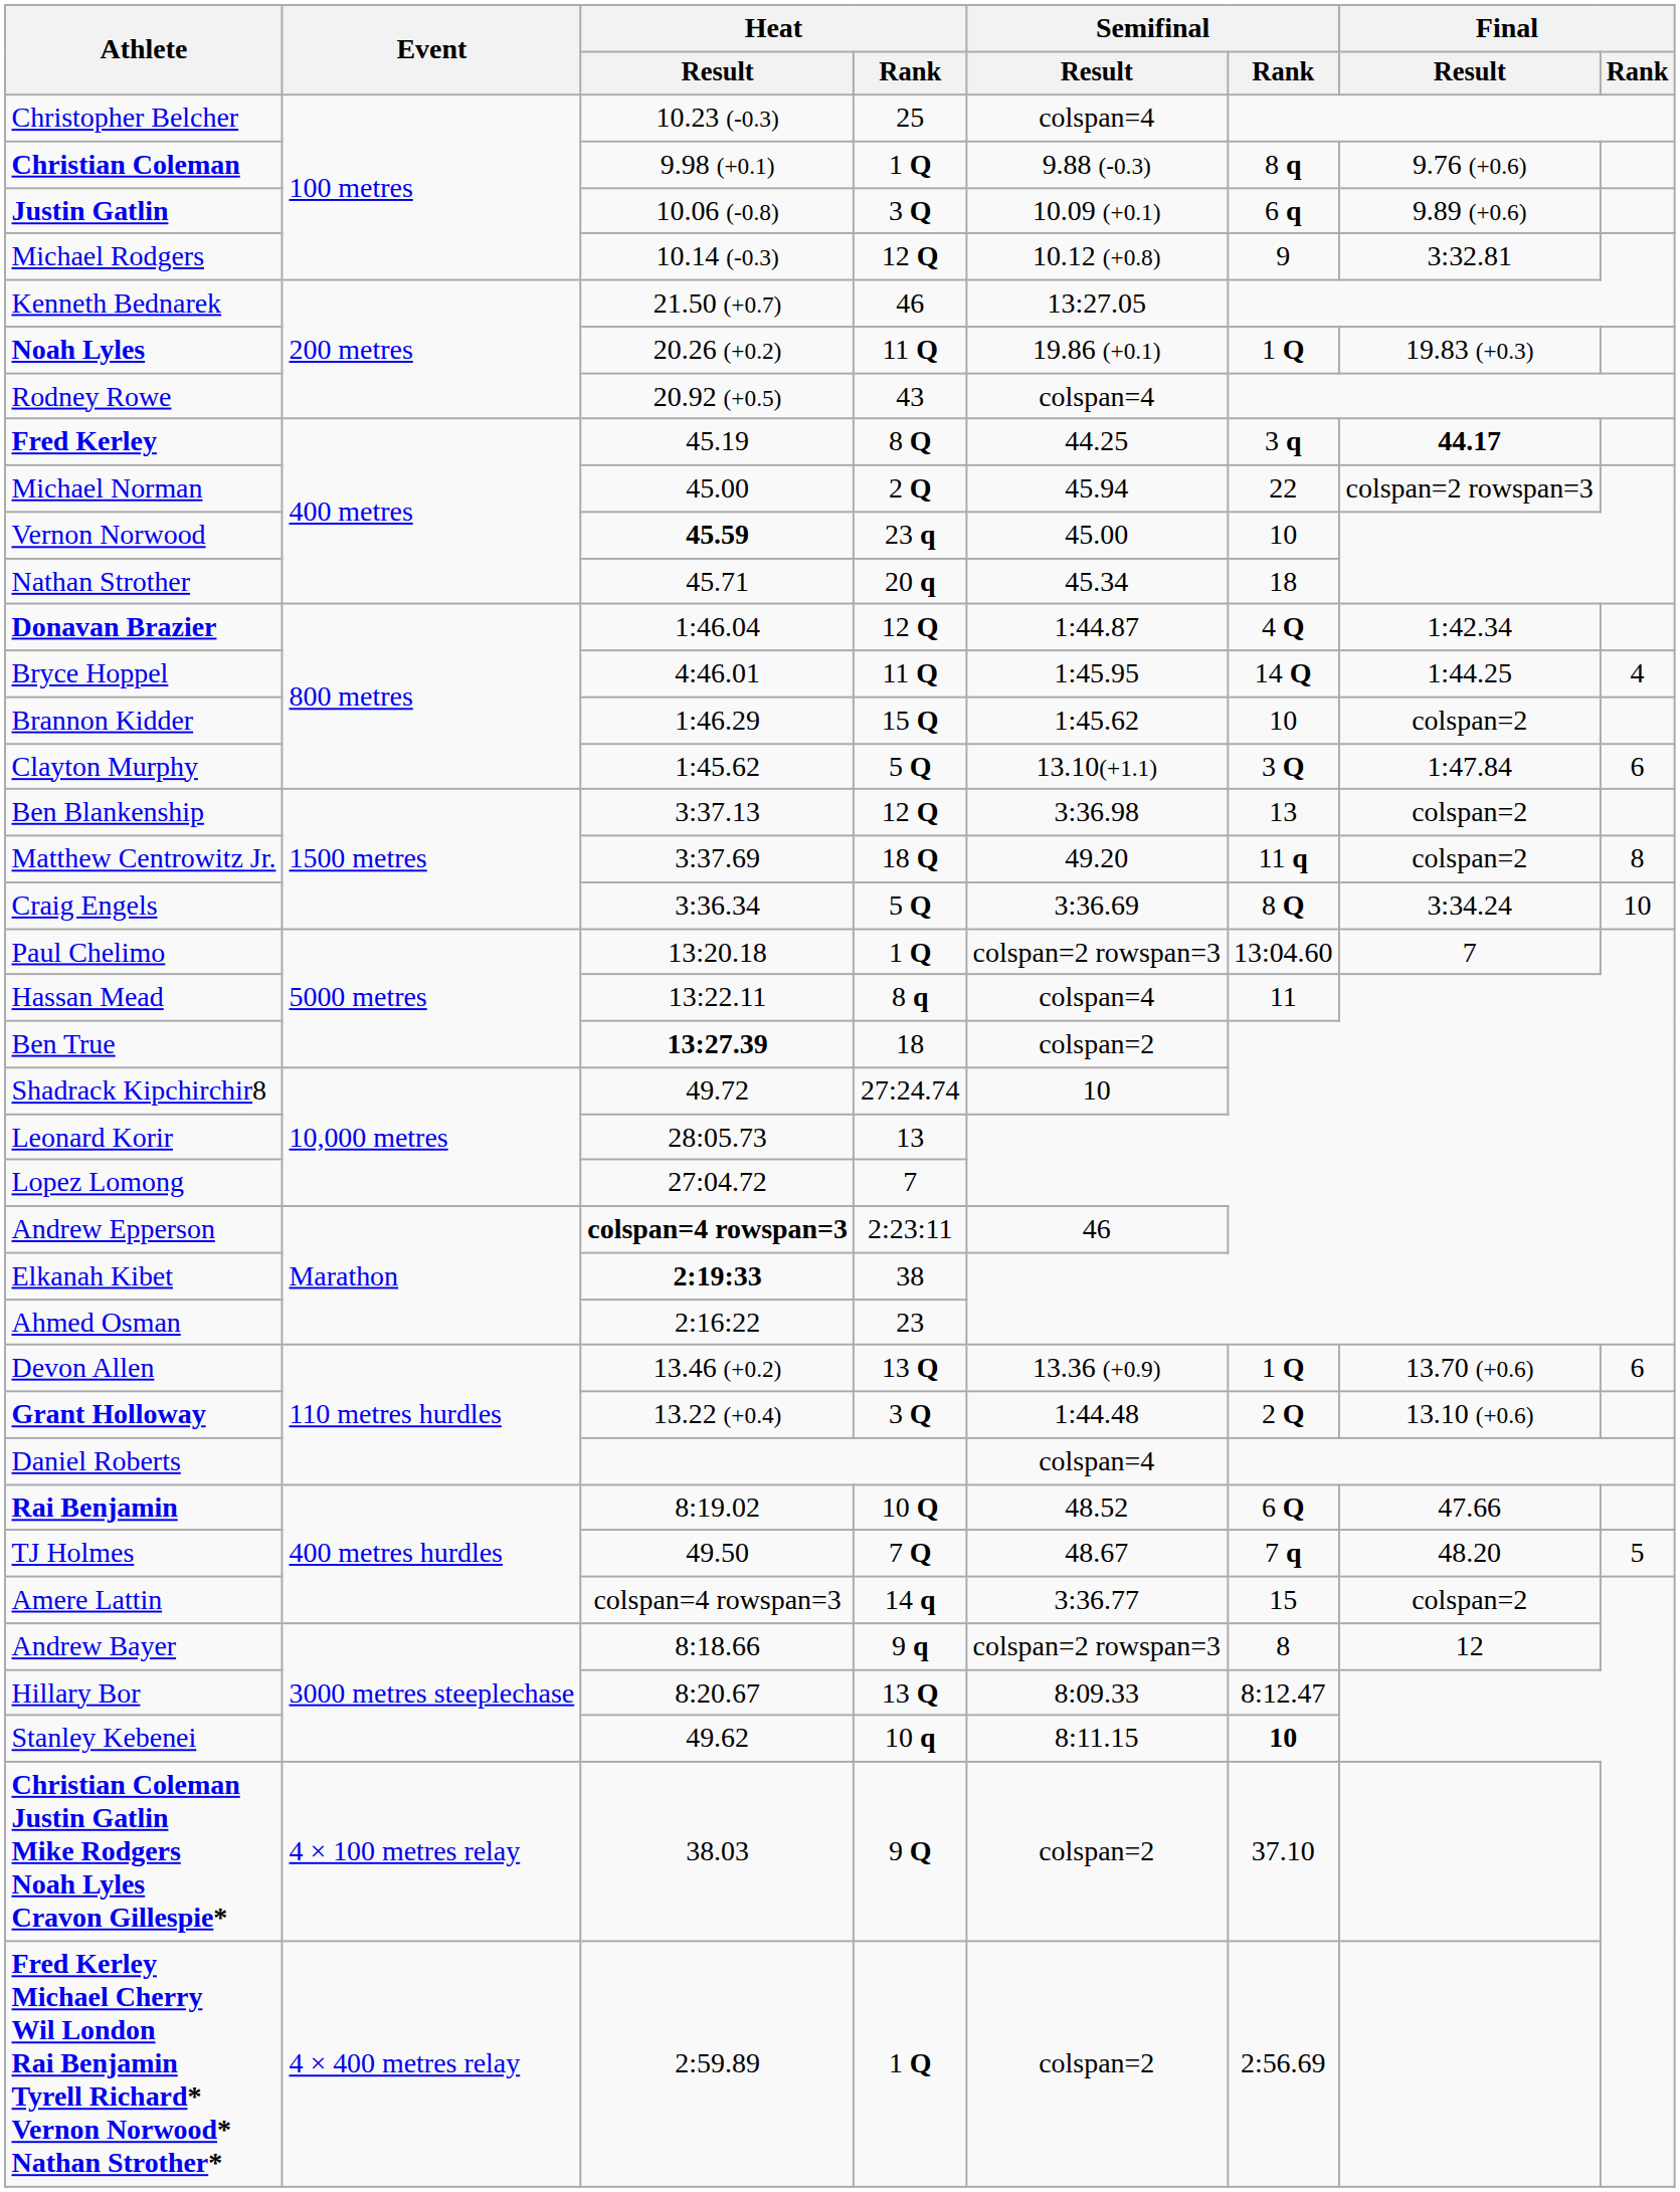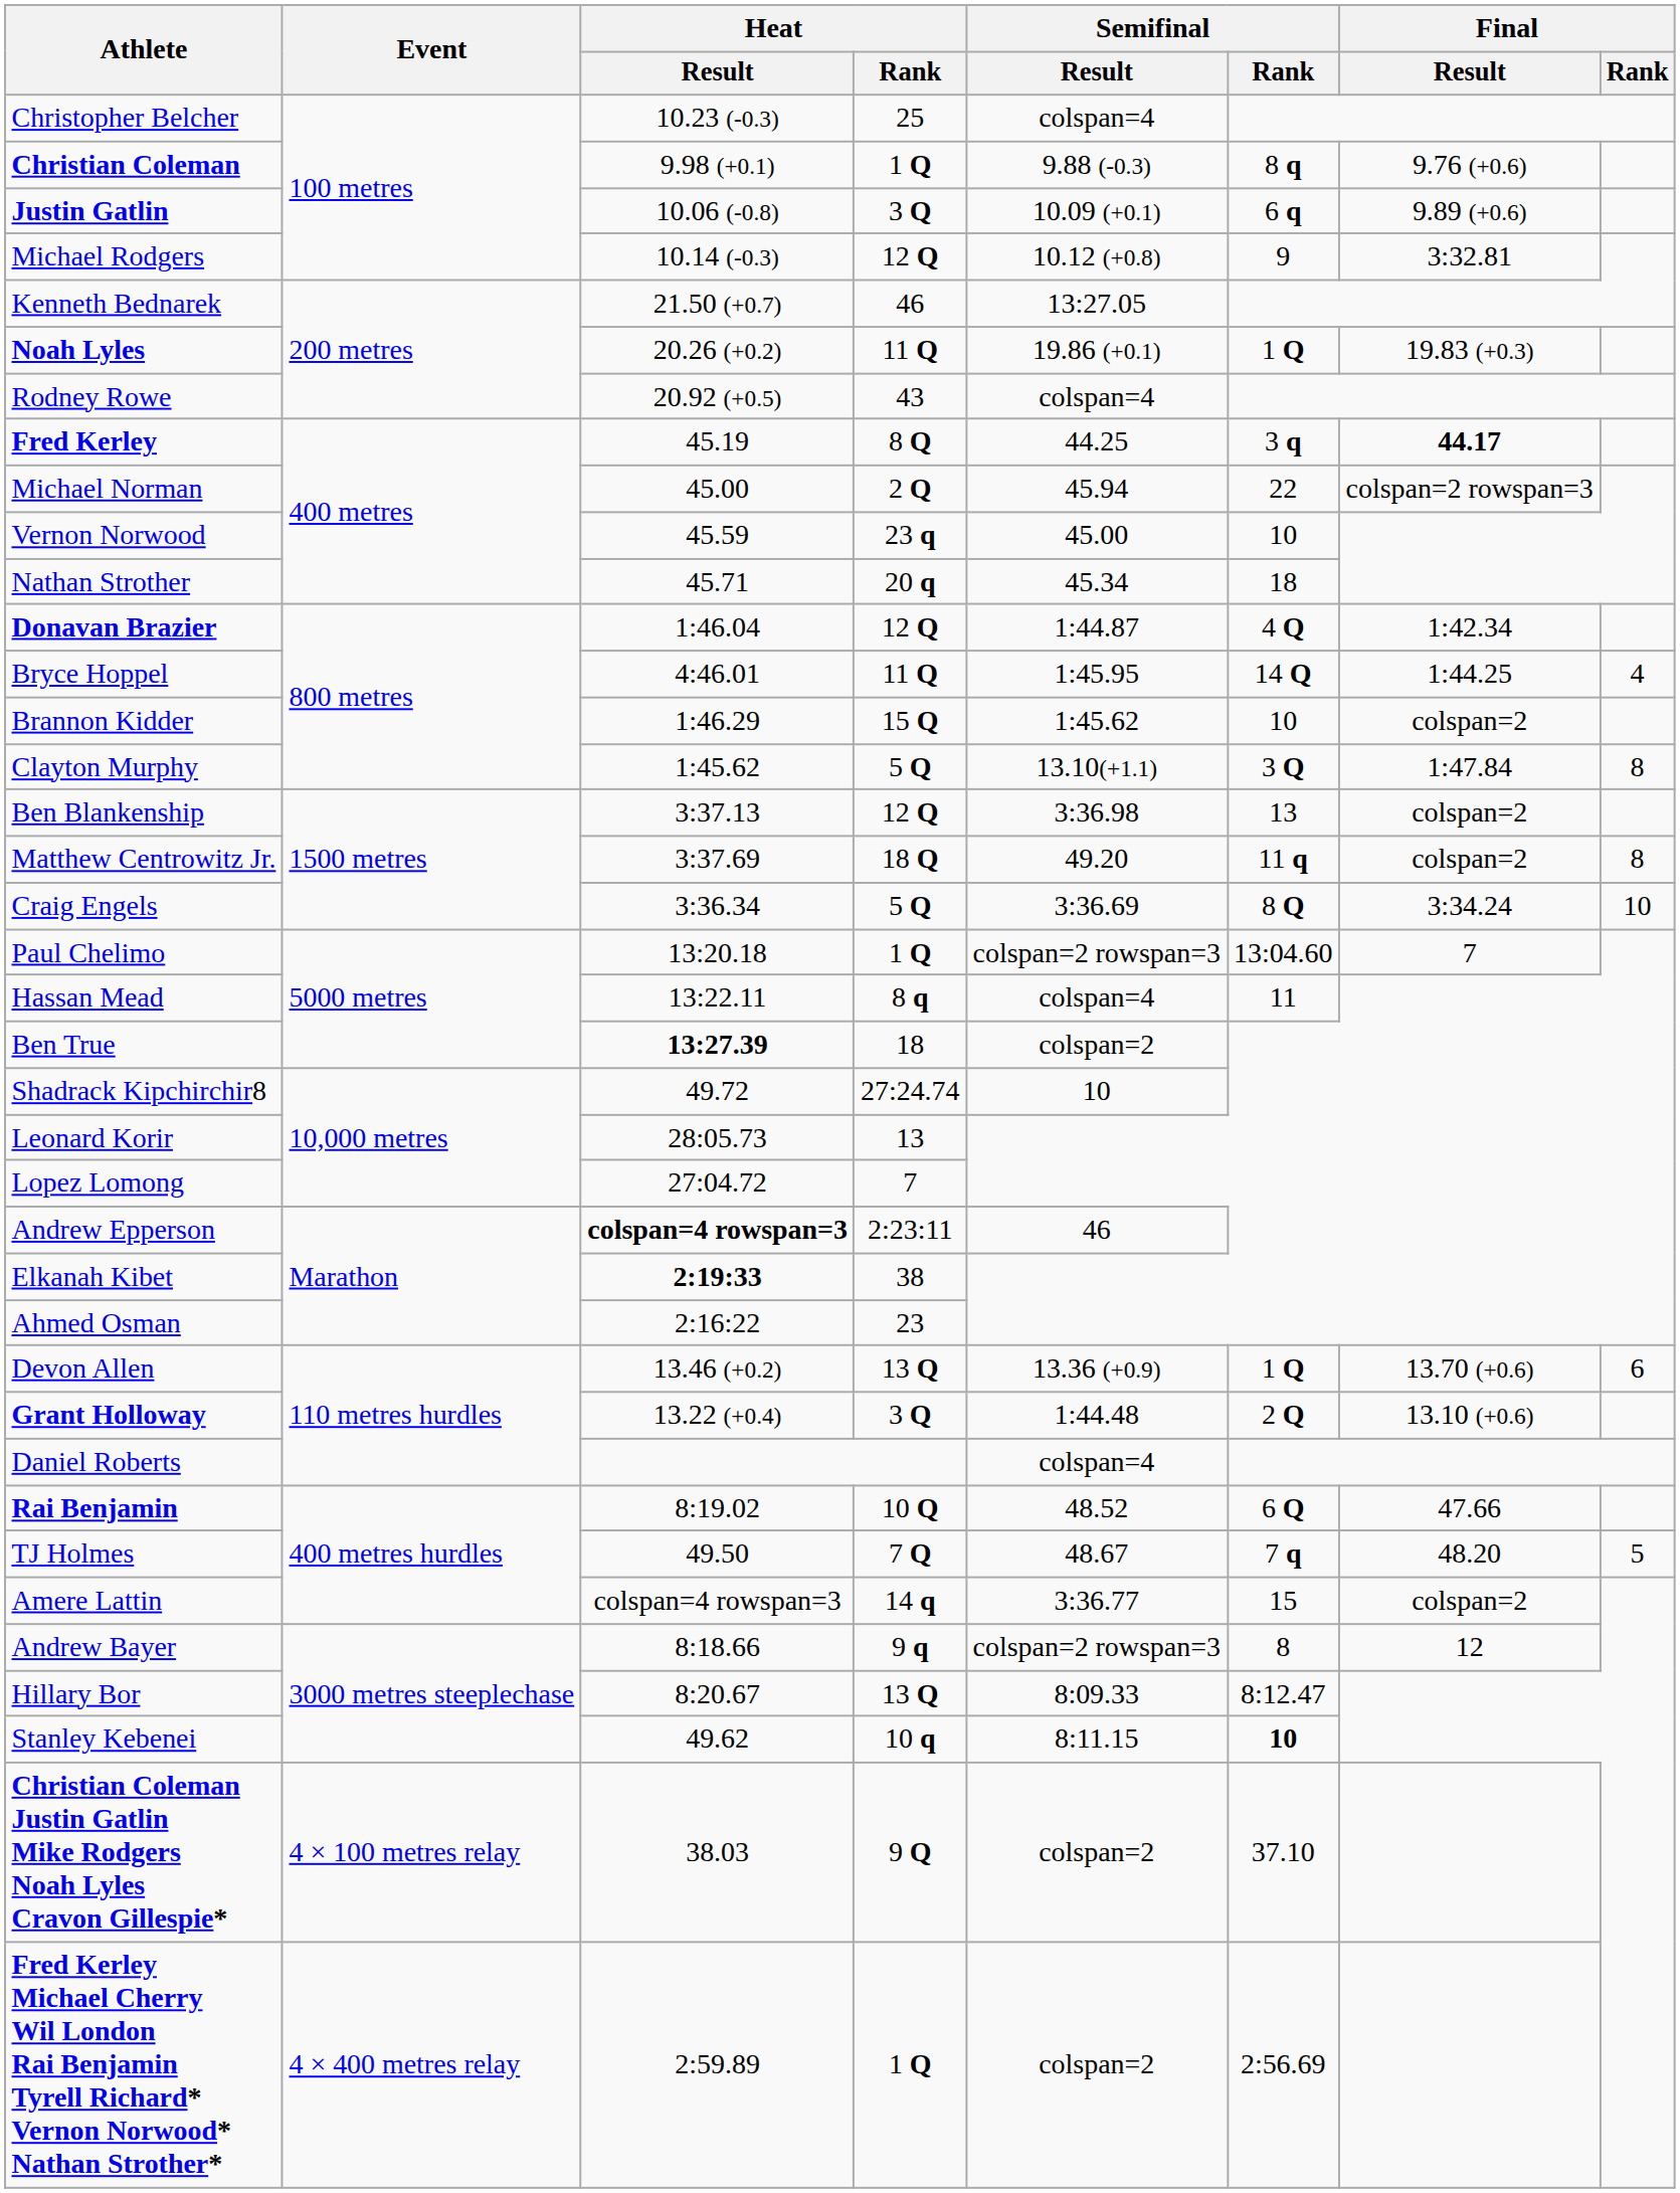 <table class=wikitable style=font-size:90%>
 <tr>
 <th rowspan=2>Athlete</th>
 <th rowspan=2>Event</th>
 <th colspan=2>Heat</th>
 <th colspan=2>Semifinal</th>
 <th colspan=2>Final</th>
 </tr>
 <tr style=font-size:95%>
 <th>Result</th>
 <th>Rank</th>
 <th>Result</th>
 <th>Rank</th>
 <th>Result</th>
 <th>Rank</th>
 </tr>
 <tr align=center>
 <td align=left><a href='#'>Christopher Belcher</a></td>
 <td align=left rowspan=4><a href='#'>100 metres</a></td>
 <td>10.23 <small>(-0.3)</small></td>
 <td>25</td>
 <td>colspan=4 </td>
 </tr>
 <tr align=center>
 <td align=left><strong><a href='#'>Christian Coleman</a></strong></td>
 <td>9.98 <small>(+0.1)</small></td>
 <td>1 <strong>Q</strong></td>
 <td>9.88 <small>(-0.3)</small></td>
 <td>8 <strong>q</strong></td>
 <td>9.76 <small>(+0.6)</small></td>
 <td></td>
 </tr>
 <tr align=center>
 <td align=left><strong><a href='#'>Justin Gatlin</a></strong></td>
 <td>10.06 <small>(-0.8)</small></td>
 <td>3 <strong>Q</strong></td>
 <td>10.09 <small>(+0.1)</small></td>
 <td>6 <strong>q</strong></td>
 <td>9.89 <small>(+0.6)</small></td>
 <td></td>
 </tr>
 <tr align=center>
 <td align=left><a href='#'>Michael Rodgers</a></td>
 <td>10.14 <small>(-0.3)</small></td>
 <td>12 <strong>Q</strong></td>
 <td>10.12 <small>(+0.8)</small></td>
 <td>9</td>
 <td>3:32.81 </td>
 </tr>
 <tr align=center>
 <td align=left><a href='#'>Kenneth Bednarek</a></td>
 <td align=left rowspan=3><a href='#'>200 metres</a></td>
 <td>21.50 <small>(+0.7)</small></td>
 <td>46</td>
 <td>13:27.05</td>
 </tr>
 <tr align=center>
 <td align=left><strong><a href='#'>Noah Lyles</a></strong></td>
 <td>20.26 <small>(+0.2)</small></td>
 <td>11 <strong>Q</strong></td>
 <td>19.86 <small>(+0.1)</small></td>
 <td>1 <strong>Q</strong></td>
 <td>19.83 <small>(+0.3)</small></td>
 <td></td>
 </tr>
 <tr align=center>
 <td align=left><a href='#'>Rodney Rowe</a></td>
 <td>20.92 <small>(+0.5)</small></td>
 <td>43</td>
 <td>colspan=4 </td>
 </tr>
 <tr align=center>
 <td align=left><strong><a href='#'>Fred Kerley</a></strong></td>
 <td align=left rowspan=4><a href='#'>400 metres</a></td>
 <td>45.19</td>
 <td>8 <strong>Q</strong></td>
 <td>44.25</td>
 <td>3 <strong>q</strong></td>
 <td><strong>44.17</strong></td>
 <td></td>
 </tr>
 <tr align=center>
 <td align=left><a href='#'>Michael Norman</a></td>
 <td>45.00</td>
 <td>2 <strong>Q</strong></td>
 <td>45.94</td>
 <td>22</td>
 <td>colspan=2 rowspan=3 </td>
 </tr>
 <tr align=center>
 <td align=left><a href='#'>Vernon Norwood</a></td>
-<td><strong>45.59</strong></td>
+<td>45.59</td>
 <td>23 <strong>q</strong></td>
 <td>45.00</td>
 <td>10</td>
 </tr>
 <tr align=center>
 <td align=left><a href='#'>Nathan Strother</a></td>
 <td>45.71</td>
 <td>20 <strong>q</strong></td>
 <td>45.34</td>
 <td>18</td>
 </tr>
 <tr align=center>
 <td align=left><strong><a href='#'>Donavan Brazier</a></strong></td>
 <td align=left rowspan=4><a href='#'>800 metres</a></td>
 <td>1:46.04</td>
 <td>12 <strong>Q</strong></td>
 <td>1:44.87</td>
 <td>4 <strong>Q</strong></td>
 <td>1:42.34</td>
 <td></td>
 </tr>
 <tr align=center>
 <td align=left><a href='#'>Bryce Hoppel</a></td>
 <td>4:46.01</td>
 <td>11 <strong>Q</strong></td>
 <td>1:45.95</td>
 <td>14 <strong>Q</strong></td>
 <td>1:44.25</td>
 <td>4</td>
 </tr>
 <tr align=center>
 <td align=left><a href='#'>Brannon Kidder</a></td>
 <td>1:46.29</td>
 <td>15 <strong>Q</strong></td>
 <td>1:45.62</td>
 <td>10</td>
 <td>colspan=2 </td>
 </tr>
 <tr align=center>
 <td align=left><a href='#'>Clayton Murphy</a></td>
 <td>1:45.62</td>
 <td>5 <strong>Q</strong></td>
 <td>13.10<small>(+1.1)</small></td>
 <td>3 <strong>Q</strong></td>
 <td>1:47.84</td>
-<td>6</td>
+<td>8</td>
 </tr>
 <tr align=center>
 <td align=left><a href='#'>Ben Blankenship</a></td>
 <td align=left rowspan=3><a href='#'>1500 metres</a></td>
 <td>3:37.13</td>
 <td>12 <strong>Q</strong></td>
 <td>3:36.98</td>
 <td>13</td>
 <td>colspan=2 </td>
 </tr>
 <tr align=center>
 <td align=left><a href='#'>Matthew Centrowitz Jr.</a></td>
 <td>3:37.69</td>
 <td>18 <strong>Q</strong></td>
 <td>49.20</td>
 <td>11 <strong>q</strong></td>
 <td>colspan=2 </td>
 <td>8</td>
 </tr>
 <tr align=center>
 <td align=left><a href='#'>Craig Engels</a></td>
 <td>3:36.34</td>
 <td>5 <strong>Q</strong></td>
 <td>3:36.69</td>
 <td>8 <strong>Q</strong></td>
 <td>3:34.24</td>
 <td>10</td>
 </tr>
 <tr align=center>
 <td align=left><a href='#'>Paul Chelimo</a></td>
 <td align=left rowspan=3><a href='#'>5000 metres</a></td>
 <td>13:20.18</td>
 <td>1 <strong>Q</strong></td>
 <td>colspan=2 rowspan=3 </td>
 <td>13:04.60</td>
 <td>7</td>
 </tr>
 <tr align=center>
 <td align=left><a href='#'>Hassan Mead</a></td>
 <td>13:22.11</td>
 <td>8 <strong>q</strong></td>
 <td>colspan=4 </td>
 <td>11</td>
 </tr>
 <tr align=center>
 <td align=left><a href='#'>Ben True</a></td>
 <td><strong>13:27.39</strong></td>
 <td>18</td>
 <td>colspan=2 </td>
 </tr>
 <tr align=center>
 <td align=left><a href='#'>Shadrack Kipchirchir</a>8</td>
 <td align=left rowspan=3><a href='#'>10,000 metres</a></td>
 <td>49.72</td>
 <td>27:24.74 </td>
 <td>10</td>
 </tr>
 <tr align=center>
 <td align=left><a href='#'>Leonard Korir</a></td>
 <td>28:05.73</td>
 <td>13</td>
 </tr>
 <tr align=center>
 <td align=left><a href='#'>Lopez Lomong</a></td>
 <td>27:04.72 </td>
 <td>7</td>
 </tr>
 <tr align=center>
 <td align=left><a href='#'>Andrew Epperson</a></td>
 <td align=left rowspan=3><a href='#'>Marathon</a></td>
 <td><strong>colspan=4 rowspan=3 </strong></td>
 <td>2:23:11</td>
 <td>46</td>
 </tr>
 <tr align=center>
 <td align=left><a href='#'>Elkanah Kibet</a></td>
 <td><strong>2:19:33 </strong></td>
 <td>38</td>
 </tr>
 <tr align=center>
 <td align=left><a href='#'>Ahmed Osman</a></td>
 <td>2:16:22 </td>
 <td>23</td>
 </tr>
 <tr align=center>
 <td align=left><a href='#'>Devon Allen</a></td>
 <td align=left rowspan=3><a href='#'>110 metres hurdles</a></td>
 <td>13.46 <small>(+0.2)</small></td>
 <td>13  <strong>Q</strong></td>
 <td>13.36 <small>(+0.9)</small></td>
 <td>1 <strong>Q</strong></td>
 <td>13.70 <small>(+0.6)</small></td>
 <td>6</td>
 </tr>
 <tr align=center>
 <td align=left><strong><a href='#'>Grant Holloway</a></strong></td>
 <td>13.22 <small>(+0.4)</small></td>
 <td>3 <strong>Q</strong></td>
 <td>1:44.48</td>
 <td>2 <strong>Q</strong></td>
 <td>13.10 <small>(+0.6)</small></td>
 <td></td>
 </tr>
 <tr align=center>
 <td align=left><a href='#'>Daniel Roberts</a></td>
 <td colspan=2></td>
 <td>colspan=4 </td>
 </tr>
 <tr align=center>
 <td align=left><strong><a href='#'>Rai Benjamin</a></strong></td>
 <td align=left rowspan=3><a href='#'>400 metres hurdles</a></td>
 <td>8:19.02</td>
 <td>10 <strong>Q</strong></td>
 <td>48.52</td>
 <td>6 <strong>Q</strong></td>
 <td>47.66</td>
 <td></td>
 </tr>
 <tr align=center>
 <td align=left><a href='#'>TJ Holmes</a></td>
 <td>49.50</td>
 <td>7 <strong>Q</strong></td>
 <td>48.67</td>
 <td>7 <strong>q</strong></td>
 <td>48.20</td>
 <td>5</td>
 </tr>
 <tr align=center>
 <td align=left><a href='#'>Amere Lattin</a></td>
 <td>colspan=4 rowspan=3 </td>
 <td>14 <strong>q</strong></td>
 <td>3:36.77</td>
 <td>15</td>
 <td>colspan=2 </td>
 </tr>
 <tr align=center>
 <td align=left><a href='#'>Andrew Bayer</a></td>
 <td align=left rowspan=3><a href='#'>3000 metres steeplechase</a></td>
 <td>8:18.66</td>
 <td>9 <strong>q</strong></td>
 <td>colspan=2 rowspan=3 </td>
 <td>8</td>
 <td>12</td>
 </tr>
 <tr align=center>
 <td align=left><a href='#'>Hillary Bor</a></td>
 <td>8:20.67</td>
 <td>13 <strong>Q</strong></td>
 <td>8:09.33</td>
 <td>8:12.47</td>
 </tr>
 <tr align=center>
 <td align=left><a href='#'>Stanley Kebenei</a></td>
 <td>49.62</td>
 <td>10 <strong>q</strong></td>
 <td>8:11.15</td>
 <td><strong>10</strong></td>
 </tr>
 <tr align=center>
 <td align=left><strong><a href='#'>Christian Coleman</a><br><a href='#'>Justin Gatlin</a><br><a href='#'>Mike Rodgers</a><br><a href='#'>Noah Lyles</a><br><a href='#'>Cravon Gillespie</a>*</strong></td>
 <td align=left><a href='#'>4 × 100 metres relay</a></td>
 <td>38.03</td>
 <td>9 <strong>Q</strong></td>
 <td>colspan=2 </td>
 <td>37.10 </td>
 <td></td>
 </tr>
 <tr align=center>
 <td align=left><strong><a href='#'>Fred Kerley</a><br><a href='#'>Michael Cherry</a><br><a href='#'>Wil London</a><br><a href='#'>Rai Benjamin</a><br><a href='#'>Tyrell Richard</a>*<br><a href='#'>Vernon Norwood</a>*<br><a href='#'>Nathan Strother</a>*</strong></td>
 <td align=left><a href='#'>4 × 400 metres relay</a></td>
 <td>2:59.89</td>
 <td>1 <strong>Q</strong></td>
 <td>colspan=2 </td>
 <td>2:56.69 </td>
 <td></td>
 </tr>
 </table>
